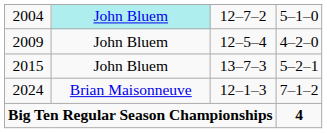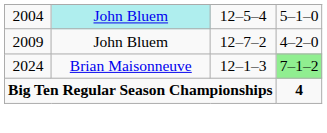 <table class = wikitable>
 <tr style="text-align:center">
 </tr>
 <tr align="center">
 <td>2004</td>
 <td style="background: paleturquoise;"><a href='#'>John Bluem</a></td>
-<td>12–7–2</td>
+<td>12–5–4</td>
 <td>5–1–0</td>
 </tr>
 <tr align="center">
 <td>2009</td>
 <td>John Bluem</td>
-<td>12–5–4</td>
+<td>12–7–2</td>
 <td>4–2–0</td>
-</tr>
-<tr align="center">
-<td>2015</td>
-<td>John Bluem</td>
-<td>13–7–3</td>
-<td>5–2–1</td>
 </tr>
 <tr align="center">
 <td>2024</td>
 <td><a href='#'>Brian Maisonneuve</a></td>
 <td>12–1–3</td>
-<td>7–1–2</td>
+<td style="background: lightgreen;">7–1–2</td>
 </tr>
 <tr align="center">
 <td colspan=3><strong>Big Ten Regular Season Championships</strong></td>
 <td><strong>4</strong></td>
 </tr>
 </table>
